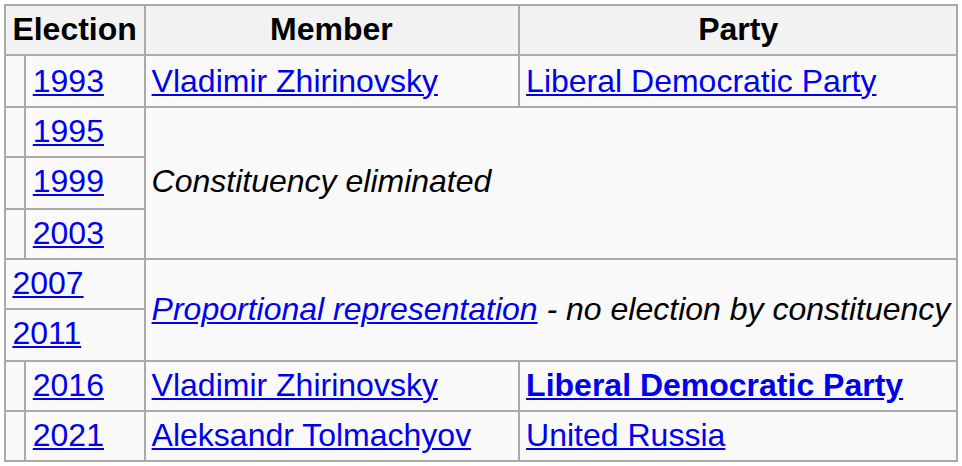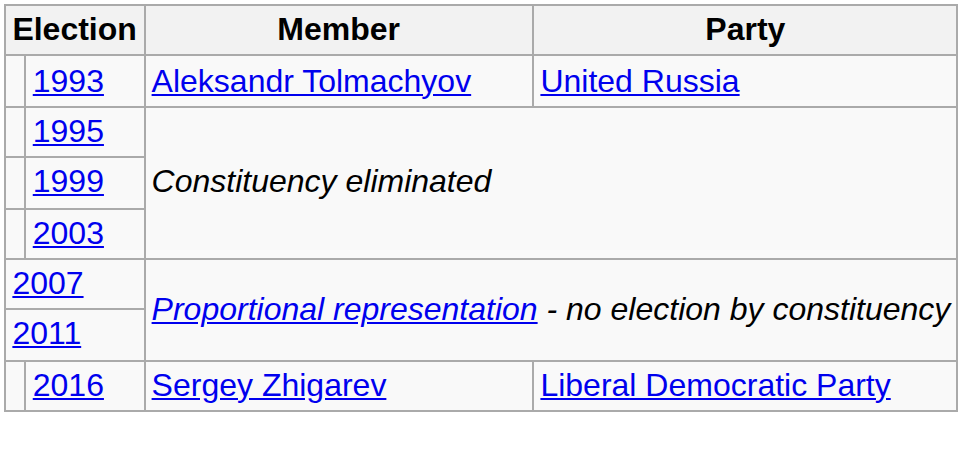 <table class="wikitable">
 <tr>
 <th colspan="2">Election</th>
 <th>Member</th>
 <th>Party</th>
 </tr>
 <tr>
 <td style="background-color:"></td>
 <td><a href='#'>1993</a></td>
-<td><a href='#'>Vladimir Zhirinovsky</a></td>
-<td><a href='#'>Liberal Democratic Party</a></td>
+<td><a href='#'>Aleksandr Tolmachyov</a></td>
+<td><a href='#'>United Russia</a></td>
 </tr>
 <tr>
 <td style="background-color:"></td>
 <td><a href='#'>1995</a></td>
 <td colspan=2 rowspan=3><em>Constituency eliminated</em></td>
 </tr>
 <tr>
 <td style="background-color:"></td>
 <td><a href='#'>1999</a></td>
 </tr>
 <tr>
 <td style="background-color:"></td>
 <td><a href='#'>2003</a></td>
 </tr>
 <tr>
 <td colspan=2><a href='#'>2007</a></td>
 <td colspan=2 rowspan=2><em><a href='#'>Proportional representation</a> - no election by constituency</em></td>
 </tr>
 <tr>
 <td colspan=2><a href='#'>2011</a></td>
 </tr>
 <tr>
 <td style="background-color:"></td>
 <td><a href='#'>2016</a></td>
-<td><a href='#'>Vladimir Zhirinovsky</a></td>
-<td><strong><a href='#'>Liberal Democratic Party</a></strong></td>
-</tr>
-<tr>
-<td style="background-color: "></td>
-<td><a href='#'>2021</a></td>
-<td><a href='#'>Aleksandr Tolmachyov</a></td>
-<td><a href='#'>United Russia</a></td>
+<td><a href='#'>Sergey Zhigarev</a></td>
+<td><a href='#'>Liberal Democratic Party</a></td>
 </tr>
 </table>
